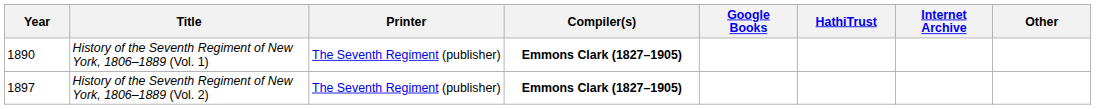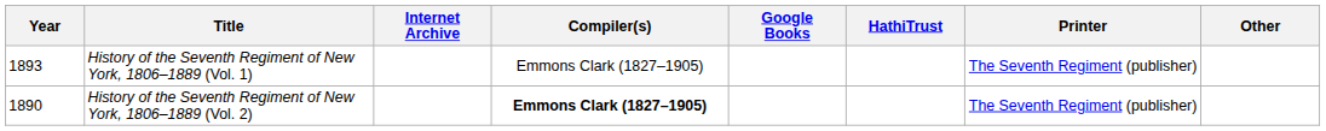 <table class="wikitable collapsible sortable" border="0" cellpadding="1" style="color:black; background-color: #FFFFFF; font-size: 90%; width:100%">
 <tr>
 <th>Year</th>
 <th>Title</th>
-<th>Printer</th>
+<th><a href='#'>Internet<br>Archive</a></th>
 <th>Compiler(s)</th>
 <th><a href='#'>Google<br>Books</a></th>
 <th><a href='#'>HathiTrust</a></th>
-<th><a href='#'>Internet<br>Archive</a></th>
+<th>Printer</th>
 <th>Other</th>
 </tr>
 <tr>
+<td width="6%">1893</td>
+<td width="22%"><em>History of the Seventh Regiment of New York, 1806–1889</em> (Vol. 1)</td>
+<td style="text-align:center" width="9%"></td>
+<td style="text-align:center" width="18%" data-sort-value="clark 1890">Emmons Clark (1827–1905)</td>
+<td style="text-align:center" width="9%"><br></td>
+<td style="text-align:center" width="9%"></td>
+<td style="text-align:center" width="18%" data-sort-value="seventhregiment 1890"><a href='#'>The Seventh Regiment</a> (publisher)</td>
+<td style="text-align:center" width="9%"></td>
+</tr>
+<tr>
 <td width="6%">1890</td>
-<td width="22%"><em>History of the Seventh Regiment of New York, 1806–1889</em> (Vol. 1)</td>
-<td style="text-align:center" width="18%" data-sort-value="seventhregiment 1890"><a href='#'>The Seventh Regiment</a> (publisher)</td>
+<td width="22%"><em>History of the Seventh Regiment of New York, 1806–1889</em> (Vol. 2)</td>
+<td style="text-align:center" width="9%"></td>
 <td style="text-align:center" width="18%" data-sort-value="clark 1890"><strong>Emmons Clark (1827–1905)</strong></td>
 <td style="text-align:center" width="9%"><br></td>
 <td style="text-align:center" width="9%"></td>
-<td style="text-align:center" width="9%"></td>
-<td style="text-align:center" width="9%"></td>
-</tr>
-<tr>
-<td width="6%">1897</td>
-<td width="22%"><em>History of the Seventh Regiment of New York, 1806–1889</em> (Vol. 2)</td>
 <td style="text-align:center" width="18%" data-sort-value="seventhregiment 1890"><a href='#'>The Seventh Regiment</a> (publisher)</td>
-<td style="text-align:center" width="18%" data-sort-value="clark 1890"><strong>Emmons Clark (1827–1905)</strong></td>
-<td style="text-align:center" width="9%"><br></td>
-<td style="text-align:center" width="9%"></td>
-<td style="text-align:center" width="9%"></td>
 <td style="text-align:center" width="9%"></td>
 </tr>
 </table>
